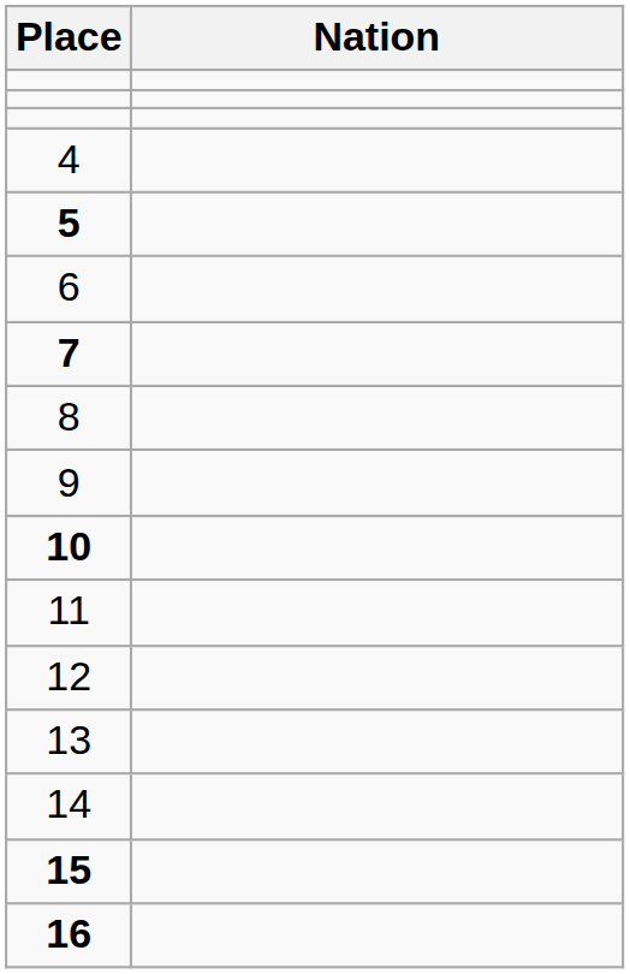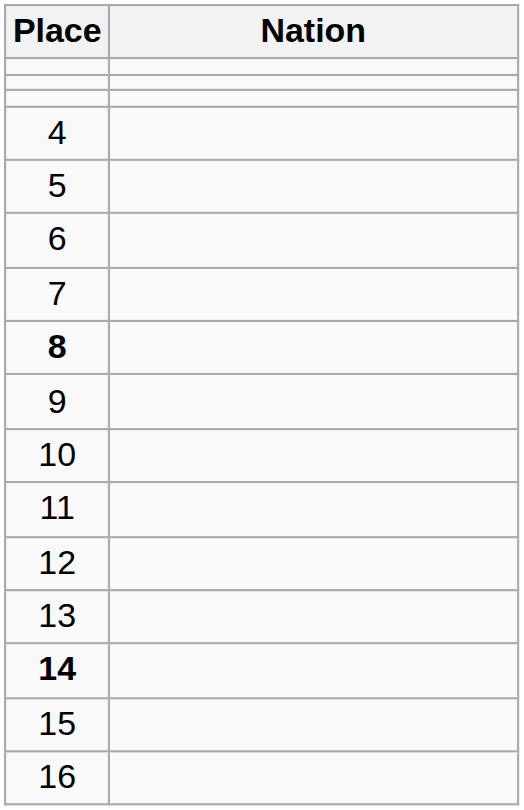 <table class=wikitable style=text-align:center>
 <tr>
 <th width=35>Place</th>
 <th width=185>Nation</th>
 </tr>
 <tr>
 <td></td>
 <td style=text-align:left></td>
 </tr>
 <tr>
 <td></td>
 <td style=text-align:left></td>
 </tr>
 <tr>
 <td></td>
 <td style=text-align:left></td>
 </tr>
 <tr>
 <td>4</td>
 <td style=text-align:left></td>
 </tr>
 <tr>
-<td><strong>5</strong></td>
+<td>5</td>
 <td style=text-align:left></td>
 </tr>
 <tr>
 <td>6</td>
 <td style=text-align:left></td>
 </tr>
 <tr>
-<td><strong>7</strong></td>
+<td>7</td>
 <td style=text-align:left></td>
 </tr>
 <tr>
-<td>8</td>
+<td><strong>8</strong></td>
 <td style=text-align:left></td>
 </tr>
 <tr>
 <td>9</td>
 <td style=text-align:left></td>
 </tr>
 <tr>
-<td><strong>10</strong></td>
+<td>10</td>
 <td style=text-align:left></td>
 </tr>
 <tr>
 <td>11</td>
 <td style=text-align:left></td>
 </tr>
 <tr>
 <td>12</td>
 <td style=text-align:left></td>
 </tr>
 <tr>
 <td>13</td>
 <td style=text-align:left></td>
 </tr>
 <tr>
-<td>14</td>
+<td><strong>14</strong></td>
 <td style=text-align:left></td>
 </tr>
 <tr>
-<td><strong>15</strong></td>
+<td>15</td>
 <td style=text-align:left></td>
 </tr>
 <tr>
-<td><strong>16</strong></td>
+<td>16</td>
 <td style=text-align:left></td>
 </tr>
 </table>
